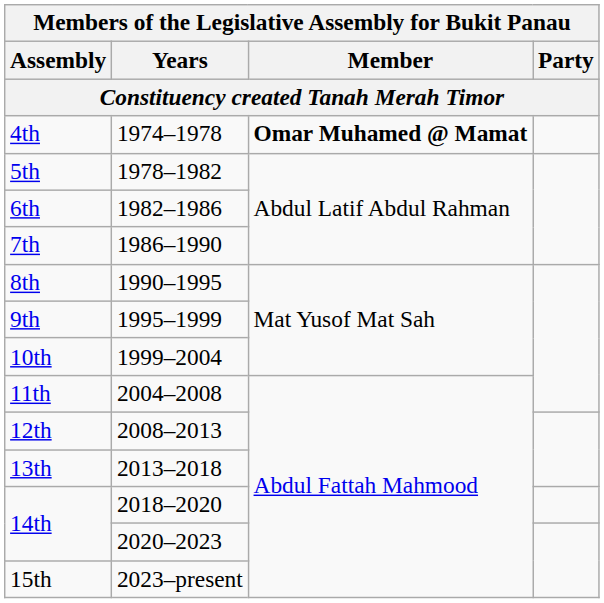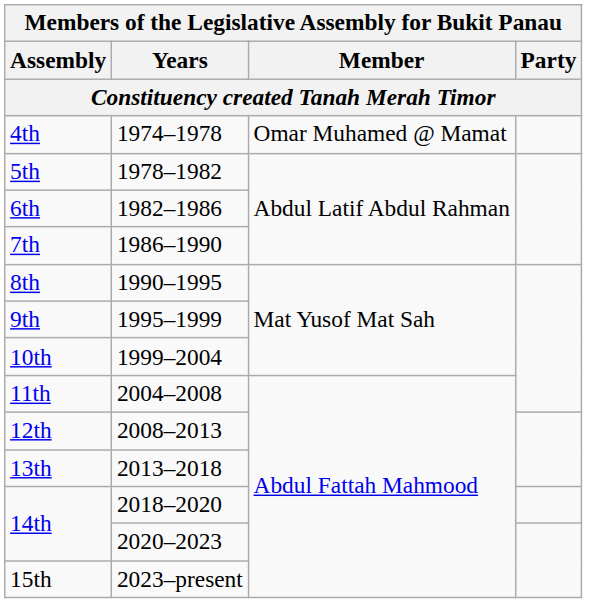 <table class="wikitable">
 <tr>
 <th colspan="4">Members of the Legislative Assembly for Bukit Panau</th>
 </tr>
 <tr>
 <th>Assembly</th>
 <th>Years</th>
 <th>Member</th>
 <th>Party</th>
 </tr>
 <tr>
 <th colspan="4" align="center"><em>Constituency created Tanah Merah Timor</em></th>
 </tr>
 <tr>
 <td><a href='#'>4th</a></td>
 <td>1974–1978</td>
-<td><strong>Omar Muhamed @ Mamat</strong></td>
+<td>Omar Muhamed @ Mamat</td>
 <td></td>
 </tr>
 <tr>
 <td><a href='#'>5th</a></td>
 <td>1978–1982</td>
 <td rowspan="3">Abdul Latif Abdul Rahman</td>
 <td rowspan="3"></td>
 </tr>
 <tr>
 <td><a href='#'>6th</a></td>
 <td>1982–1986</td>
 </tr>
 <tr>
 <td><a href='#'>7th</a></td>
 <td>1986–1990</td>
 </tr>
 <tr>
 <td><a href='#'>8th</a></td>
 <td>1990–1995</td>
 <td rowspan="3">Mat Yusof Mat Sah</td>
 <td rowspan="4"></td>
 </tr>
 <tr>
 <td><a href='#'>9th</a></td>
 <td>1995–1999</td>
 </tr>
 <tr>
 <td><a href='#'>10th</a></td>
 <td>1999–2004</td>
 </tr>
 <tr>
 <td><a href='#'>11th</a></td>
 <td>2004–2008</td>
 <td rowspan="6"><a href='#'>Abdul Fattah Mahmood</a></td>
 </tr>
 <tr>
 <td><a href='#'>12th</a></td>
 <td>2008–2013</td>
 <td rowspan=2></td>
 </tr>
 <tr>
 <td><a href='#'>13th</a></td>
 <td>2013–2018</td>
 </tr>
 <tr>
 <td rowspan="2"><a href='#'>14th</a></td>
 <td>2018–2020</td>
 <td></td>
 </tr>
 <tr>
 <td>2020–2023</td>
 <td rowspan="2"></td>
 </tr>
 <tr>
 <td>15th</td>
 <td>2023–present</td>
 </tr>
 </table>
